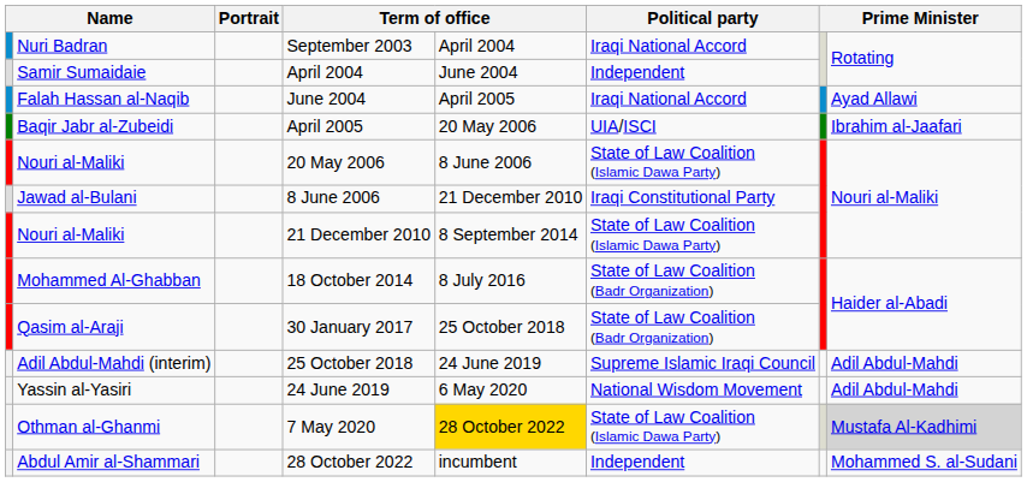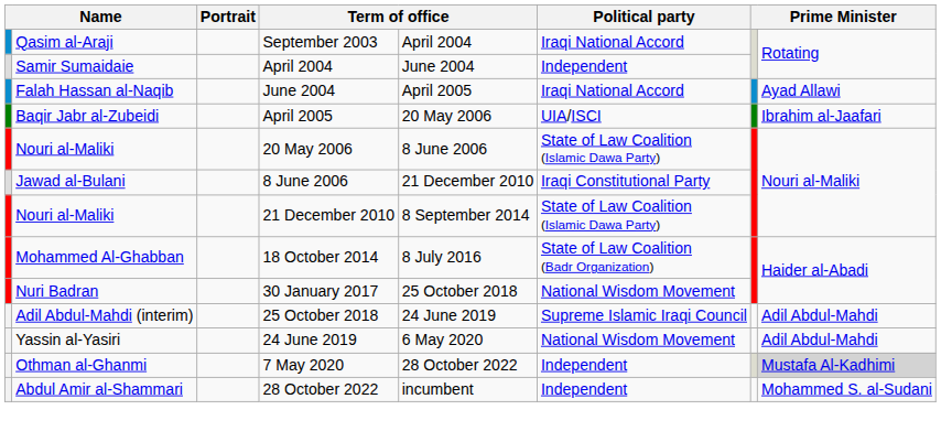 <table class="wikitable">
 <tr>
 <th colspan=2>Name</th>
 <th>Portrait</th>
 <th colspan=2>Term of office</th>
 <th>Political party</th>
 <th colspan=2>Prime Minister</th>
 </tr>
 <tr>
 <td bgcolor="#098DCD"></td>
-<td><a href='#'>Nuri Badran</a></td>
+<td rowspan="1"><a href='#'>Qasim al-Araji</a></td>
 <td></td>
 <td>September 2003</td>
 <td>April 2004</td>
 <td><a href='#'>Iraqi National Accord</a></td>
 <td rowspan="2" bgcolor="#DDDDD"></td>
 <td rowspan="2"><a href='#'>Rotating</a></td>
 </tr>
 <tr>
 <td bgcolor="#DDDDDD"></td>
 <td><a href='#'>Samir Sumaidaie</a></td>
 <td></td>
 <td>April 2004</td>
 <td>June 2004</td>
 <td><a href='#'>Independent</a></td>
 </tr>
 <tr>
 <td bgcolor="#098DCD"></td>
 <td><a href='#'>Falah Hassan al-Naqib</a></td>
 <td></td>
 <td>June 2004</td>
 <td>April 2005</td>
 <td><a href='#'>Iraqi National Accord</a></td>
 <td rowspan="1" bgcolor="#098DCD"></td>
 <td rowspan="1"><a href='#'>Ayad Allawi</a></td>
 </tr>
 <tr>
 <td bgcolor="#008000"></td>
 <td><a href='#'>Baqir Jabr al-Zubeidi</a></td>
 <td></td>
 <td>April 2005</td>
 <td>20 May 2006</td>
 <td><a href='#'>UIA</a>/<a href='#'>ISCI</a></td>
 <td rowspan="1" bgcolor="#008000"></td>
 <td rowspan="1"><a href='#'>Ibrahim al-Jaafari</a></td>
 </tr>
 <tr>
 <th rowspan="1" style="background-color: red"></th>
 <td><a href='#'>Nouri al-Maliki</a></td>
 <td></td>
 <td>20 May 2006</td>
 <td>8 June 2006</td>
 <td><a href='#'>State of Law Coalition</a><br><small>(<a href='#'>Islamic Dawa Party</a>)</small></td>
 <td rowspan="3" style="background-color: red"></td>
 <td rowspan="3"><a href='#'>Nouri al-Maliki</a></td>
 </tr>
 <tr>
 <td bgcolor="#DDDDDD"></td>
 <td><a href='#'>Jawad al-Bulani</a></td>
 <td></td>
 <td>8 June 2006</td>
 <td>21 December 2010</td>
 <td><a href='#'>Iraqi Constitutional Party</a></td>
 </tr>
 <tr>
 <th rowspan="1" style="background-color: red"></th>
 <td rowspan="1"><a href='#'>Nouri al-Maliki</a></td>
 <td rowspan="1"></td>
 <td rowspan="1">21 December 2010</td>
 <td rowspan="1">8 September 2014</td>
 <td rowspan="1"><a href='#'>State of Law Coalition</a><br><small>(<a href='#'>Islamic Dawa Party</a>)</small></td>
 </tr>
 <tr>
 <th rowspan="1" style="background-color: red"></th>
 <td rowspan="1"><a href='#'>Mohammed Al-Ghabban</a></td>
 <td rowspan="1"></td>
 <td rowspan="1">18 October 2014</td>
 <td rowspan="1">8 July 2016</td>
 <td rowspan="1"><a href='#'>State of Law Coalition</a><br><small>(<a href='#'>Badr Organization</a>)</small></td>
 <td rowspan="2" bgcolor="red"></td>
 <td rowspan="2"><a href='#'>Haider al-Abadi</a></td>
 </tr>
 <tr>
 <th rowspan="1" style="background-color: red"></th>
-<td rowspan="1"><a href='#'>Qasim al-Araji</a></td>
+<td><a href='#'>Nuri Badran</a></td>
 <td rowspan="1"></td>
 <td rowspan="1">30 January 2017</td>
 <td rowspan="1">25 October 2018</td>
-<td rowspan="1"><a href='#'>State of Law Coalition</a><br><small>(<a href='#'>Badr Organization</a>)</small></td>
+<td rowspan="1"><a href='#'>National Wisdom Movement</a></td>
 </tr>
 <tr>
 <th rowspan="1" style="background-color: "></th>
 <td rowspan="1"><a href='#'>Adil Abdul-Mahdi</a> (interim)</td>
 <td rowspan="1"></td>
 <td rowspan="1">25 October 2018</td>
 <td rowspan="1">24 June 2019</td>
 <td rowspan="1"><a href='#'>Supreme Islamic Iraqi Council</a></td>
 <td rowspan="1" bgcolor=></td>
 <td rowspan="1"><a href='#'>Adil Abdul-Mahdi</a></td>
 </tr>
 <tr>
 <th rowspan="1" style="background-color: "></th>
 <td rowspan="1">Yassin al-Yasiri</td>
 <td rowspan="1"></td>
 <td rowspan="1">24 June 2019</td>
 <td rowspan="1">6 May 2020</td>
 <td rowspan="1"><a href='#'>National Wisdom Movement</a></td>
 <td rowspan="1" bgcolor=></td>
 <td rowspan="1"><a href='#'>Adil Abdul-Mahdi</a></td>
 </tr>
 <tr>
 <th rowspan="1" style="background-color: "#DDDDD""></th>
 <td rowspan="1"><a href='#'>Othman al-Ghanmi</a></td>
 <td rowspan="1"></td>
 <td rowspan="1">7 May 2020</td>
-<td rowspan="1" style="background: gold;">28 October 2022</td>
-<td><a href='#'>State of Law Coalition</a><br><small>(<a href='#'>Islamic Dawa Party</a>)</small></td>
+<td rowspan="1">28 October 2022</td>
+<td rowspan="1"><a href='#'>Independent</a></td>
 <td rowspan="1" bgcolor="#DDDDD"></td>
 <td rowspan="1" style="background: lightgrey;"><a href='#'>Mustafa Al-Kadhimi</a></td>
 </tr>
 <tr>
 <th></th>
 <td><a href='#'>Abdul Amir al-Shammari</a></td>
 <td></td>
 <td>28 October 2022</td>
 <td>incumbent</td>
 <td><a href='#'>Independent</a></td>
 <td></td>
 <td><a href='#'>Mohammed S. al-Sudani</a></td>
 </tr>
 </table>
